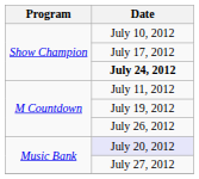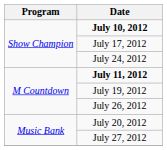 <table class="wikitable" style="text-align:center">
 <tr>
 <th width="110">Program</th>
 <th width="130">Date</th>
 </tr>
 <tr>
 <td rowspan="3"><em><a href='#'>Show Champion</a></em></td>
-<td>July 10, 2012</td>
+<td><strong>July 10, 2012</strong></td>
 </tr>
 <tr>
 <td>July 17, 2012</td>
 </tr>
 <tr>
-<td><strong>July 24, 2012</strong></td>
+<td>July 24, 2012</td>
 </tr>
 <tr>
 <td rowspan="3"><em><a href='#'>M Countdown</a></em></td>
-<td>July 11, 2012</td>
+<td><strong>July 11, 2012</strong></td>
 </tr>
 <tr>
 <td>July 19, 2012</td>
 </tr>
 <tr>
 <td>July 26, 2012</td>
 </tr>
 <tr>
 <td rowspan="2"><a href='#'><em>Music Bank</em></a></td>
-<td style="background: lavender;">July 20, 2012</td>
+<td>July 20, 2012</td>
 </tr>
 <tr>
 <td>July 27, 2012</td>
 </tr>
 <tr>
 </tr>
 </table>
